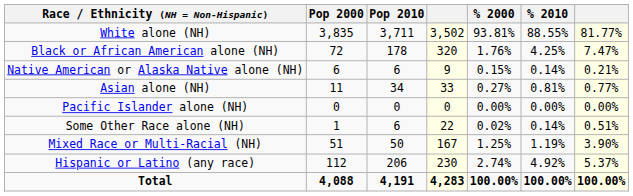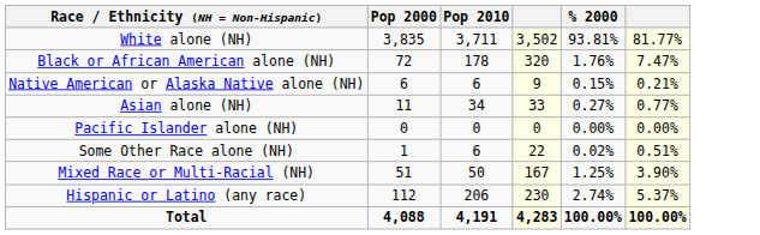 <table class="wikitable" style="text-align:center;">
 <tr>
 <th>Race / Ethnicity <small>(<em>NH = Non-Hispanic</em>)</small></th>
 <th>Pop 2000</th>
 <th>Pop 2010</th>
 <th></th>
 <th>% 2000</th>
-<th>% 2010</th>
 <th></th>
 </tr>
 <tr>
 <td><a href='#'>White</a> alone (NH)</td>
 <td>3,835</td>
 <td>3,711</td>
 <td style='background: #ffffe6;'>3,502</td>
 <td>93.81%</td>
-<td>88.55%</td>
 <td style='background: #ffffe6;'>81.77%</td>
 </tr>
 <tr>
 <td><a href='#'>Black or African American</a> alone (NH)</td>
 <td>72</td>
 <td>178</td>
 <td style='background: #ffffe6;'>320</td>
 <td>1.76%</td>
-<td>4.25%</td>
 <td style='background: #ffffe6;'>7.47%</td>
 </tr>
 <tr>
 <td><a href='#'>Native American</a> or <a href='#'>Alaska Native</a> alone (NH)</td>
 <td>6</td>
 <td>6</td>
 <td style='background: #ffffe6;'>9</td>
 <td>0.15%</td>
-<td>0.14%</td>
 <td style='background: #ffffe6;'>0.21%</td>
 </tr>
 <tr>
 <td><a href='#'>Asian</a> alone (NH)</td>
 <td>11</td>
 <td>34</td>
 <td style='background: #ffffe6;'>33</td>
 <td>0.27%</td>
-<td>0.81%</td>
 <td style='background: #ffffe6;'>0.77%</td>
 </tr>
 <tr>
 <td><a href='#'>Pacific Islander</a> alone (NH)</td>
 <td>0</td>
 <td>0</td>
 <td style='background: #ffffe6;'>0</td>
-<td>0.00%</td>
 <td>0.00%</td>
 <td style='background: #ffffe6;'>0.00%</td>
 </tr>
 <tr>
 <td>Some Other Race alone (NH)</td>
 <td>1</td>
 <td>6</td>
 <td style='background: #ffffe6;'>22</td>
 <td>0.02%</td>
-<td>0.14%</td>
 <td style='background: #ffffe6;'>0.51%</td>
 </tr>
 <tr>
 <td><a href='#'>Mixed Race or Multi-Racial</a> (NH)</td>
 <td>51</td>
 <td>50</td>
 <td style='background: #ffffe6;'>167</td>
 <td>1.25%</td>
-<td>1.19%</td>
 <td style='background: #ffffe6;'>3.90%</td>
 </tr>
 <tr>
 <td><a href='#'>Hispanic or Latino</a> (any race)</td>
 <td>112</td>
 <td>206</td>
 <td style='background: #ffffe6;'>230</td>
 <td>2.74%</td>
-<td>4.92%</td>
 <td style='background: #ffffe6;'>5.37%</td>
 </tr>
 <tr>
 <td><strong>Total</strong></td>
 <td><strong>4,088</strong></td>
 <td><strong>4,191</strong></td>
 <td style='background: #ffffe6;'><strong>4,283</strong></td>
 <td><strong>100.00%</strong></td>
-<td><strong>100.00%</strong></td>
 <td style='background: #ffffe6;'><strong>100.00%</strong></td>
 </tr>
 </table>
